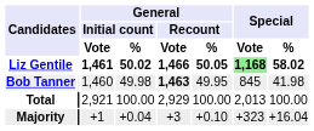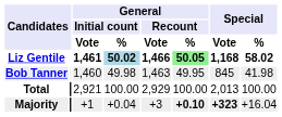 <table class="toccolours sortable" style="text-align:center;">
 <tr style="background:lavender">
 <th rowspan=3 colspan="2">Candidates</th>
 <th colspan=4>General</th>
 <th rowspan=2 colspan=2>Special</th>
 </tr>
 <tr style="background:lavender">
 <th colspan=2>Initial count</th>
 <th colspan=2>Recount</th>
 </tr>
 <tr>
 <th align="center">Vote</th>
 <th align="center">%</th>
 <th align="center">Vote</th>
 <th align="center">%</th>
 <th align="center">Vote</th>
 <th align="center">%</th>
 </tr>
 <tr>
 <th><a href='#'>Liz Gentile</a></th>
 <td style="background-color:"></td>
 <td><strong>1,461</strong></td>
-<td><strong>50.02</strong></td>
+<td style="background: lightblue;"><strong>50.02</strong></td>
 <td><strong>1,466</strong></td>
-<td><strong>50.05</strong></td>
-<td style="background: lightgreen;"><strong>1,168</strong></td>
+<td style="background: lightgreen;"><strong>50.05</strong></td>
+<td><strong>1,168</strong></td>
 <td><strong>58.02</strong></td>
 </tr>
 <tr style="background:#EEEEEE;">
 <th><a href='#'>Bob Tanner</a></th>
 <td style="background-color:"></td>
 <td>1,460</td>
 <td>49.98</td>
-<td><strong>1,463</strong></td>
+<td>1,463</td>
 <td>49.95</td>
 <td>845</td>
 <td>41.98</td>
 </tr>
 <tr>
 <th>Total</th>
 <td style="background-color:#000000"></td>
 <td>2,921</td>
 <td>100.00</td>
 <td>2,929</td>
 <td>100.00</td>
 <td>2,013</td>
 <td>100.00</td>
 </tr>
 <tr style="background:#EEEEEE;">
 <th>Majority</th>
 <td style="background-color:#000000"></td>
 <td>+1</td>
 <td>+0.04</td>
 <td>+3</td>
-<td>+0.10</td>
-<td>+323</td>
+<td><strong>+0.10</strong></td>
+<td><strong>+323</strong></td>
 <td>+16.04</td>
 </tr>
 </table>
